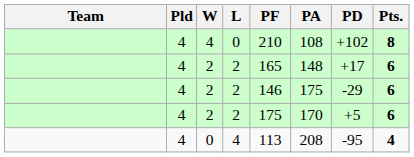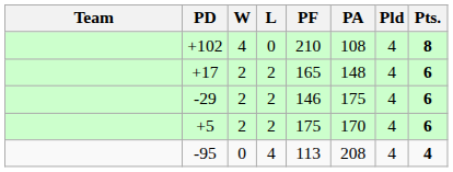 <table class=wikitable style="text-align:center">
 <tr>
 <th width=160>Team</th>
-<th width=20>Pld</th>
+<th width=35>PD</th>
 <th width=20>W</th>
 <th width=20>L</th>
 <th width=35>PF</th>
 <th width=35>PA</th>
-<th width=35>PD</th>
+<th width=20>Pld</th>
 <th width=30>Pts.</th>
 </tr>
 <tr align="center" bgcolor="#CCFFCC">
 <td align=left></td>
-<td>4</td>
+<td>+102</td>
 <td>4</td>
 <td>0</td>
 <td>210</td>
 <td>108</td>
-<td>+102</td>
+<td>4</td>
 <td><strong>8</strong></td>
 </tr>
 <tr align="center" bgcolor="#CCFFCC">
 <td align=left></td>
-<td>4</td>
+<td>+17</td>
 <td>2</td>
 <td>2</td>
 <td>165</td>
 <td>148</td>
-<td>+17</td>
+<td>4</td>
 <td><strong>6</strong></td>
 </tr>
 <tr align="center" bgcolor="#CCFFCC">
 <td align=left></td>
-<td>4</td>
+<td>-29</td>
 <td>2</td>
 <td>2</td>
 <td>146</td>
 <td>175</td>
-<td>-29</td>
+<td>4</td>
 <td><strong>6</strong></td>
 </tr>
 <tr align="center" bgcolor="#CCFFCC">
 <td align=left></td>
-<td>4</td>
+<td>+5</td>
 <td>2</td>
 <td>2</td>
 <td>175</td>
 <td>170</td>
-<td>+5</td>
+<td>4</td>
 <td><strong>6</strong></td>
 </tr>
 <tr align="center" bgcolor=>
 <td align=left></td>
-<td>4</td>
+<td>-95</td>
 <td>0</td>
 <td>4</td>
 <td>113</td>
 <td>208</td>
-<td>-95</td>
+<td>4</td>
 <td><strong>4</strong></td>
 </tr>
 </table>
